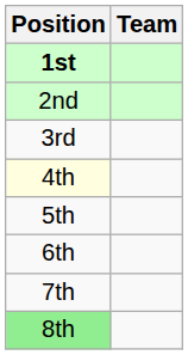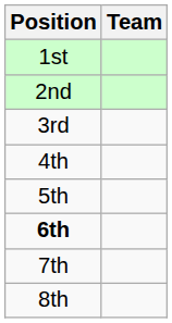 <table class="wikitable">
 <tr>
 <th>Position</th>
 <th>Team</th>
 </tr>
 <tr style="background:#cfc">
-<td style="text-align:center"><strong>1st</strong></td>
+<td style="text-align:center">1st</td>
 <td></td>
 </tr>
 <tr style="background:#cfc">
 <td style="text-align:center">2nd</td>
 <td></td>
 </tr>
 <tr>
 <td style="text-align:center">3rd</td>
 <td></td>
 </tr>
 <tr>
-<td style="background: lightyellow; text-align:center">4th</td>
+<td style="text-align:center">4th</td>
 <td></td>
 </tr>
 <tr>
 <td style="text-align:center">5th</td>
 <td></td>
 </tr>
 <tr>
-<td style="text-align:center">6th</td>
+<td style="text-align:center"><strong>6th</strong></td>
 <td></td>
 </tr>
 <tr>
 <td style="text-align:center">7th</td>
 <td></td>
 </tr>
 <tr>
-<td style="background: lightgreen; text-align:center">8th</td>
+<td style="text-align:center">8th</td>
 <td></td>
 </tr>
 </table>
